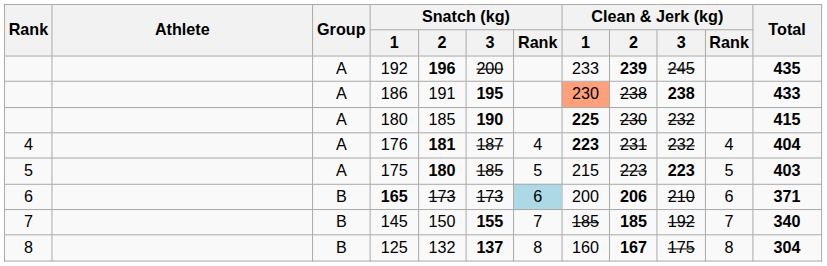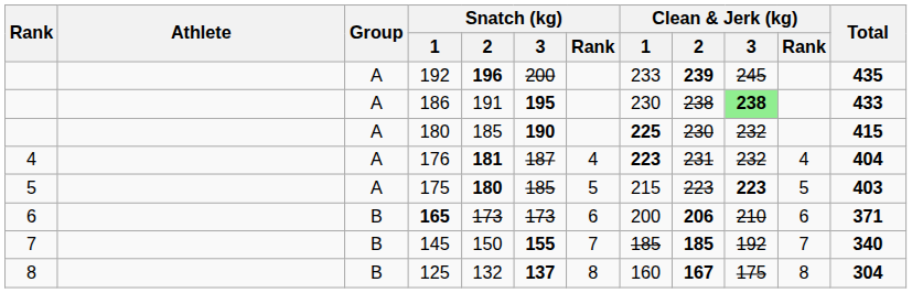 <table class = "wikitable" style="text-align:center;">
 <tr>
 <th rowspan=2 width=40>Rank</th>
 <th rowspan=2 width=250>Athlete</th>
 <th rowspan=2 width=50>Group</th>
 <th colspan=4>Snatch (kg)</th>
 <th colspan=4>Clean & Jerk (kg)</th>
 <th rowspan=2 width=60>Total</th>
 </tr>
 <tr>
 <th width=40>1</th>
 <th width=40>2</th>
 <th width=40>3</th>
 <th width=40>Rank</th>
 <th width=40>1</th>
 <th width=40>2</th>
 <th width=40>3</th>
 <th width=40>Rank</th>
 </tr>
 <tr>
 <td></td>
 <td align=left></td>
 <td>A</td>
 <td>192</td>
 <td><strong>196</strong></td>
 <td><s>200</s></td>
 <td></td>
 <td>233</td>
 <td><strong>239</strong></td>
 <td><s>245</s></td>
 <td></td>
 <td><strong>435</strong></td>
 </tr>
 <tr>
 <td></td>
 <td align=left></td>
 <td>A</td>
 <td>186</td>
 <td>191</td>
 <td><strong>195</strong></td>
 <td></td>
-<td style="background: lightsalmon;">230</td>
+<td>230</td>
 <td><s>238</s></td>
-<td><strong>238</strong></td>
+<td style="background: lightgreen;"><strong>238</strong></td>
 <td></td>
 <td><strong>433</strong></td>
 </tr>
 <tr>
 <td></td>
 <td align=left></td>
 <td>A</td>
 <td>180</td>
 <td>185</td>
 <td><strong>190</strong></td>
 <td></td>
 <td><strong>225</strong></td>
 <td><s>230</s></td>
 <td><s>232</s></td>
 <td></td>
 <td><strong>415</strong></td>
 </tr>
 <tr>
 <td>4</td>
 <td align=left></td>
 <td>A</td>
 <td>176</td>
 <td><strong>181</strong></td>
 <td><s>187</s></td>
 <td>4</td>
 <td><strong>223</strong></td>
 <td><s>231</s></td>
 <td><s>232</s></td>
 <td>4</td>
 <td><strong>404</strong></td>
 </tr>
 <tr>
 <td>5</td>
 <td align=left></td>
 <td>A</td>
 <td>175</td>
 <td><strong>180</strong></td>
 <td><s>185</s></td>
 <td>5</td>
 <td>215</td>
 <td><s>223</s></td>
 <td><strong>223</strong></td>
 <td>5</td>
 <td><strong>403</strong></td>
 </tr>
 <tr>
 <td>6</td>
 <td align=left></td>
 <td>B</td>
 <td><strong>165</strong></td>
 <td><s>173</s></td>
 <td><s>173</s></td>
-<td style="background: lightblue;">6</td>
+<td>6</td>
 <td>200</td>
 <td><strong>206</strong></td>
 <td><s>210</s></td>
 <td>6</td>
 <td><strong>371</strong></td>
 </tr>
 <tr>
 <td>7</td>
 <td align=left></td>
 <td>B</td>
 <td>145</td>
 <td>150</td>
 <td><strong>155</strong></td>
 <td>7</td>
 <td><s>185</s></td>
 <td><strong>185</strong></td>
 <td><s>192</s></td>
 <td>7</td>
 <td><strong>340</strong></td>
 </tr>
 <tr>
 <td>8</td>
 <td align=left></td>
 <td>B</td>
 <td>125</td>
 <td>132</td>
 <td><strong>137</strong></td>
 <td>8</td>
 <td>160</td>
 <td><strong>167</strong></td>
 <td><s>175</s></td>
 <td>8</td>
 <td><strong>304</strong></td>
 </tr>
 </table>
